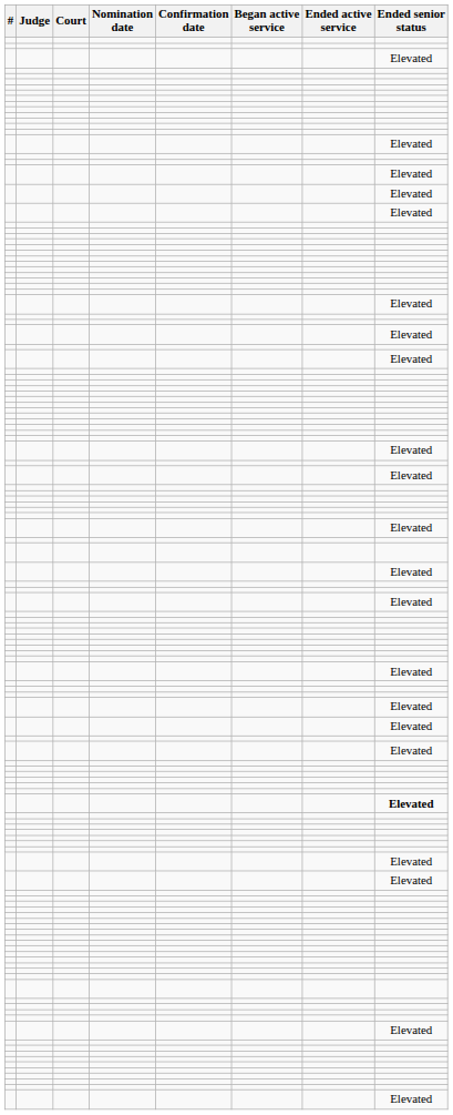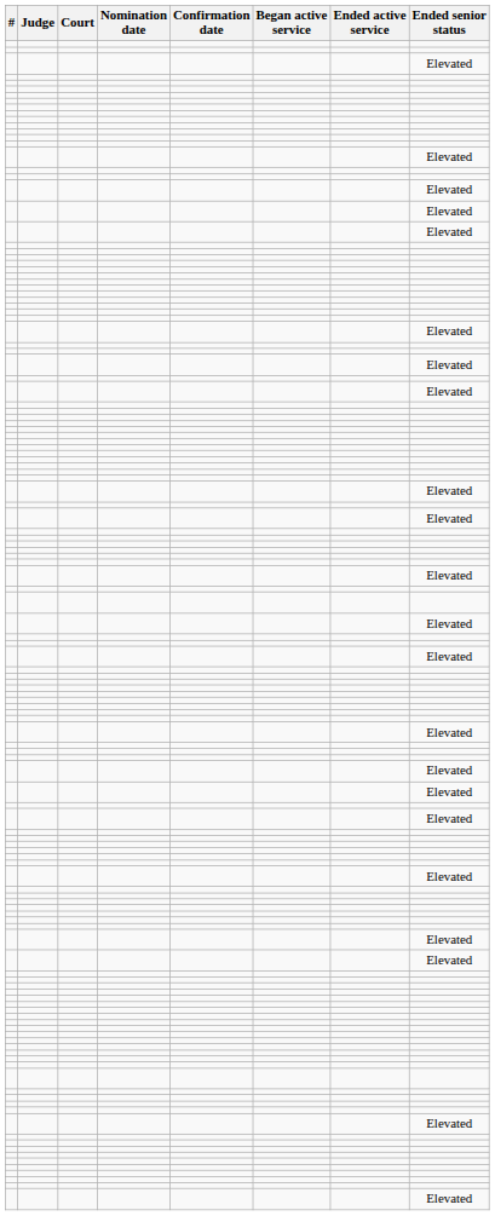 <table class="sortable wikitable">
 <tr bgcolor="#ececec">
 <th>#</th>
 <th>Judge</th>
 <th>Court<br></th>
 <th>Nomination<br>date</th>
 <th>Confirmation<br>date</th>
 <th>Began active<br>service</th>
 <th>Ended active<br>service</th>
 <th>Ended senior<br>status</th>
 </tr>
 <tr>
 <td></td>
 <td></td>
 <td></td>
 <td></td>
 <td></td>
 <td></td>
 <td></td>
 <td align="center"></td>
 </tr>
 <tr>
 <td></td>
 <td></td>
 <td></td>
 <td></td>
 <td></td>
 <td></td>
 <td></td>
 <td align="center"></td>
 </tr>
 <tr>
 <td></td>
 <td></td>
 <td></td>
 <td></td>
 <td></td>
 <td></td>
 <td></td>
 <td align="center">Elevated</td>
 </tr>
 <tr>
 <td></td>
 <td></td>
 <td></td>
 <td></td>
 <td></td>
 <td></td>
 <td></td>
 <td></td>
 </tr>
 <tr>
 <td></td>
 <td></td>
 <td></td>
 <td></td>
 <td></td>
 <td></td>
 <td></td>
 <td align="center"></td>
 </tr>
 <tr>
 <td></td>
 <td></td>
 <td></td>
 <td></td>
 <td></td>
 <td></td>
 <td></td>
 <td></td>
 </tr>
 <tr>
 <td></td>
 <td></td>
 <td></td>
 <td></td>
 <td></td>
 <td></td>
 <td></td>
 <td align="center"></td>
 </tr>
 <tr>
 <td></td>
 <td></td>
 <td></td>
 <td></td>
 <td></td>
 <td></td>
 <td></td>
 <td></td>
 </tr>
 <tr>
 <td></td>
 <td></td>
 <td></td>
 <td></td>
 <td></td>
 <td></td>
 <td></td>
 <td></td>
 </tr>
 <tr>
 <td></td>
 <td></td>
 <td></td>
 <td></td>
 <td></td>
 <td></td>
 <td></td>
 <td align="center"></td>
 </tr>
 <tr>
 <td></td>
 <td></td>
 <td></td>
 <td></td>
 <td></td>
 <td></td>
 <td></td>
 <td align="center"></td>
 </tr>
 <tr>
 <td></td>
 <td></td>
 <td></td>
 <td></td>
 <td></td>
 <td></td>
 <td></td>
 <td align="center"></td>
 </tr>
 <tr>
 <td></td>
 <td></td>
 <td></td>
 <td></td>
 <td></td>
 <td></td>
 <td></td>
 <td align="center"></td>
 </tr>
 <tr>
 <td></td>
 <td></td>
 <td></td>
 <td></td>
 <td></td>
 <td></td>
 <td></td>
 <td></td>
 </tr>
 <tr>
 <td></td>
 <td></td>
 <td></td>
 <td></td>
 <td></td>
 <td></td>
 <td></td>
 <td></td>
 </tr>
 <tr>
 <td></td>
 <td></td>
 <td></td>
 <td></td>
 <td></td>
 <td></td>
 <td></td>
 <td align="center">Elevated</td>
 </tr>
 <tr>
 <td></td>
 <td></td>
 <td></td>
 <td></td>
 <td></td>
 <td></td>
 <td></td>
 <td></td>
 </tr>
 <tr>
 <td></td>
 <td></td>
 <td></td>
 <td></td>
 <td></td>
 <td></td>
 <td></td>
 <td align="center"></td>
 </tr>
 <tr>
 <td></td>
 <td></td>
 <td></td>
 <td></td>
 <td></td>
 <td></td>
 <td></td>
 <td align="center">Elevated</td>
 </tr>
 <tr>
 <td></td>
 <td></td>
 <td></td>
 <td></td>
 <td></td>
 <td></td>
 <td></td>
 <td align="center">Elevated</td>
 </tr>
 <tr>
 <td></td>
 <td></td>
 <td></td>
 <td></td>
 <td></td>
 <td></td>
 <td></td>
 <td align="center">Elevated</td>
 </tr>
 <tr>
 <td></td>
 <td></td>
 <td></td>
 <td></td>
 <td></td>
 <td></td>
 <td></td>
 <td></td>
 </tr>
 <tr>
 <td></td>
 <td></td>
 <td></td>
 <td></td>
 <td></td>
 <td></td>
 <td></td>
 <td></td>
 </tr>
 <tr>
 <td></td>
 <td></td>
 <td></td>
 <td></td>
 <td></td>
 <td></td>
 <td></td>
 <td align="center"></td>
 </tr>
 <tr>
 <td></td>
 <td></td>
 <td></td>
 <td></td>
 <td></td>
 <td></td>
 <td></td>
 <td></td>
 </tr>
 <tr>
 <td></td>
 <td></td>
 <td></td>
 <td></td>
 <td></td>
 <td></td>
 <td></td>
 <td></td>
 </tr>
 <tr>
 <td></td>
 <td></td>
 <td></td>
 <td></td>
 <td></td>
 <td></td>
 <td></td>
 <td></td>
 </tr>
 <tr>
 <td></td>
 <td></td>
 <td></td>
 <td></td>
 <td></td>
 <td></td>
 <td></td>
 <td></td>
 </tr>
 <tr>
 <td></td>
 <td></td>
 <td></td>
 <td></td>
 <td></td>
 <td></td>
 <td></td>
 <td></td>
 </tr>
 <tr>
 <td></td>
 <td></td>
 <td></td>
 <td></td>
 <td></td>
 <td></td>
 <td></td>
 <td></td>
 </tr>
 <tr>
 <td></td>
 <td></td>
 <td></td>
 <td></td>
 <td></td>
 <td></td>
 <td></td>
 <td></td>
 </tr>
 <tr>
 <td></td>
 <td></td>
 <td></td>
 <td></td>
 <td></td>
 <td></td>
 <td></td>
 <td></td>
 </tr>
 <tr>
 <td></td>
 <td></td>
 <td></td>
 <td></td>
 <td></td>
 <td></td>
 <td></td>
 <td></td>
 </tr>
 <tr>
 <td></td>
 <td></td>
 <td></td>
 <td></td>
 <td></td>
 <td></td>
 <td></td>
 <td align="center"></td>
 </tr>
 <tr>
 <td></td>
 <td></td>
 <td></td>
 <td></td>
 <td></td>
 <td></td>
 <td></td>
 <td align="center">Elevated</td>
 </tr>
 <tr>
 <td></td>
 <td></td>
 <td></td>
 <td></td>
 <td></td>
 <td></td>
 <td></td>
 <td align="center"></td>
 </tr>
 <tr>
 <td></td>
 <td></td>
 <td></td>
 <td></td>
 <td></td>
 <td></td>
 <td></td>
 <td align="center"></td>
 </tr>
 <tr>
 <td></td>
 <td></td>
 <td></td>
 <td></td>
 <td></td>
 <td></td>
 <td></td>
 <td align="center">Elevated</td>
 </tr>
 <tr>
 <td></td>
 <td></td>
 <td></td>
 <td></td>
 <td></td>
 <td></td>
 <td></td>
 <td align="center"></td>
 </tr>
 <tr>
 <td></td>
 <td></td>
 <td></td>
 <td></td>
 <td></td>
 <td></td>
 <td></td>
 <td align="center">Elevated</td>
 </tr>
 <tr>
 <td></td>
 <td></td>
 <td></td>
 <td></td>
 <td></td>
 <td></td>
 <td></td>
 <td align="center"></td>
 </tr>
 <tr>
 <td></td>
 <td></td>
 <td></td>
 <td></td>
 <td></td>
 <td></td>
 <td></td>
 <td></td>
 </tr>
 <tr>
 <td></td>
 <td></td>
 <td></td>
 <td></td>
 <td></td>
 <td></td>
 <td></td>
 <td></td>
 </tr>
 <tr>
 <td></td>
 <td></td>
 <td></td>
 <td></td>
 <td></td>
 <td></td>
 <td></td>
 <td align="center"></td>
 </tr>
 <tr>
 <td></td>
 <td></td>
 <td></td>
 <td></td>
 <td></td>
 <td></td>
 <td></td>
 <td></td>
 </tr>
 <tr>
 <td></td>
 <td></td>
 <td></td>
 <td></td>
 <td></td>
 <td></td>
 <td></td>
 <td></td>
 </tr>
 <tr>
 <td></td>
 <td></td>
 <td></td>
 <td></td>
 <td></td>
 <td></td>
 <td></td>
 <td></td>
 </tr>
 <tr>
 <td></td>
 <td></td>
 <td></td>
 <td></td>
 <td></td>
 <td></td>
 <td></td>
 <td align="center"></td>
 </tr>
 <tr>
 <td></td>
 <td></td>
 <td></td>
 <td></td>
 <td></td>
 <td></td>
 <td></td>
 <td align="center"></td>
 </tr>
 <tr>
 <td></td>
 <td></td>
 <td></td>
 <td></td>
 <td></td>
 <td></td>
 <td></td>
 <td></td>
 </tr>
 <tr>
 <td></td>
 <td></td>
 <td></td>
 <td></td>
 <td></td>
 <td></td>
 <td></td>
 <td align="center"></td>
 </tr>
 <tr>
 <td></td>
 <td></td>
 <td></td>
 <td></td>
 <td></td>
 <td></td>
 <td></td>
 <td></td>
 </tr>
 <tr>
 <td></td>
 <td></td>
 <td></td>
 <td></td>
 <td></td>
 <td></td>
 <td></td>
 <td></td>
 </tr>
 <tr>
 <td></td>
 <td></td>
 <td></td>
 <td></td>
 <td></td>
 <td></td>
 <td></td>
 <td align="center">Elevated</td>
 </tr>
 <tr>
 <td></td>
 <td></td>
 <td></td>
 <td></td>
 <td></td>
 <td></td>
 <td></td>
 <td align="center"></td>
 </tr>
 <tr>
 <td></td>
 <td></td>
 <td></td>
 <td></td>
 <td></td>
 <td></td>
 <td></td>
 <td align="center">Elevated</td>
 </tr>
 <tr>
 <td></td>
 <td></td>
 <td></td>
 <td></td>
 <td align="center"></td>
 <td></td>
 <td></td>
 <td align="center"></td>
 </tr>
 <tr>
 <td></td>
 <td></td>
 <td></td>
 <td></td>
 <td></td>
 <td></td>
 <td></td>
 <td></td>
 </tr>
 <tr>
 <td></td>
 <td></td>
 <td></td>
 <td></td>
 <td></td>
 <td></td>
 <td></td>
 <td align="center"></td>
 </tr>
 <tr>
 <td></td>
 <td></td>
 <td></td>
 <td></td>
 <td></td>
 <td></td>
 <td></td>
 <td align="center"></td>
 </tr>
 <tr>
 <td></td>
 <td></td>
 <td></td>
 <td></td>
 <td></td>
 <td></td>
 <td></td>
 <td align="center"></td>
 </tr>
 <tr>
 <td></td>
 <td></td>
 <td></td>
 <td></td>
 <td></td>
 <td></td>
 <td></td>
 <td></td>
 </tr>
 <tr>
 <td></td>
 <td></td>
 <td></td>
 <td></td>
 <td></td>
 <td></td>
 <td></td>
 <td align="center">Elevated</td>
 </tr>
 <tr>
 <td></td>
 <td></td>
 <td></td>
 <td></td>
 <td></td>
 <td></td>
 <td></td>
 <td></td>
 </tr>
 <tr>
 <td></td>
 <td></td>
 <td></td>
 <td></td>
 <td></td>
 <td></td>
 <td><br></td>
 <td align= "center"><br></td>
 </tr>
 <tr>
 <td></td>
 <td></td>
 <td></td>
 <td></td>
 <td></td>
 <td></td>
 <td></td>
 <td align="center">Elevated</td>
 </tr>
 <tr>
 <td></td>
 <td></td>
 <td></td>
 <td></td>
 <td></td>
 <td></td>
 <td></td>
 <td></td>
 </tr>
 <tr>
 <td></td>
 <td></td>
 <td></td>
 <td></td>
 <td></td>
 <td></td>
 <td></td>
 <td align="center"></td>
 </tr>
 <tr>
 <td></td>
 <td></td>
 <td></td>
 <td></td>
 <td></td>
 <td></td>
 <td></td>
 <td align="center">Elevated</td>
 </tr>
 <tr>
 <td></td>
 <td></td>
 <td></td>
 <td></td>
 <td></td>
 <td></td>
 <td></td>
 <td align="center"></td>
 </tr>
 <tr>
 <td></td>
 <td></td>
 <td></td>
 <td></td>
 <td></td>
 <td></td>
 <td></td>
 <td></td>
 </tr>
 <tr>
 <td></td>
 <td></td>
 <td></td>
 <td></td>
 <td></td>
 <td></td>
 <td></td>
 <td align="center"></td>
 </tr>
 <tr>
 <td></td>
 <td></td>
 <td></td>
 <td></td>
 <td></td>
 <td></td>
 <td></td>
 <td align="center"></td>
 </tr>
 <tr>
 <td></td>
 <td></td>
 <td></td>
 <td></td>
 <td></td>
 <td></td>
 <td></td>
 <td align="center"></td>
 </tr>
 <tr>
 <td></td>
 <td></td>
 <td></td>
 <td></td>
 <td></td>
 <td></td>
 <td></td>
 <td></td>
 </tr>
 <tr>
 <td></td>
 <td></td>
 <td></td>
 <td></td>
 <td></td>
 <td></td>
 <td></td>
 <td align="center"></td>
 </tr>
 <tr>
 <td></td>
 <td></td>
 <td></td>
 <td></td>
 <td></td>
 <td></td>
 <td></td>
 <td align="center"></td>
 </tr>
 <tr>
 <td></td>
 <td></td>
 <td></td>
 <td></td>
 <td></td>
 <td></td>
 <td></td>
 <td></td>
 </tr>
 <tr>
 <td></td>
 <td></td>
 <td></td>
 <td></td>
 <td></td>
 <td></td>
 <td></td>
 <td align="center">Elevated</td>
 </tr>
 <tr>
 <td></td>
 <td></td>
 <td></td>
 <td></td>
 <td></td>
 <td></td>
 <td></td>
 <td></td>
 </tr>
 <tr>
 <td></td>
 <td></td>
 <td></td>
 <td></td>
 <td></td>
 <td></td>
 <td></td>
 <td align="center"></td>
 </tr>
 <tr>
 <td></td>
 <td></td>
 <td></td>
 <td></td>
 <td></td>
 <td></td>
 <td></td>
 <td align="center"></td>
 </tr>
 <tr>
 <td></td>
 <td></td>
 <td></td>
 <td></td>
 <td></td>
 <td></td>
 <td></td>
 <td align="center">Elevated</td>
 </tr>
 <tr>
 <td></td>
 <td></td>
 <td></td>
 <td></td>
 <td></td>
 <td></td>
 <td></td>
 <td align="center">Elevated</td>
 </tr>
 <tr>
 <td></td>
 <td></td>
 <td></td>
 <td></td>
 <td></td>
 <td></td>
 <td></td>
 <td align="center"></td>
 </tr>
 <tr>
 <td></td>
 <td></td>
 <td></td>
 <td></td>
 <td></td>
 <td></td>
 <td></td>
 <td align="center">Elevated</td>
 </tr>
 <tr>
 <td></td>
 <td></td>
 <td></td>
 <td></td>
 <td></td>
 <td></td>
 <td></td>
 <td></td>
 </tr>
 <tr>
 <td></td>
 <td></td>
 <td></td>
 <td></td>
 <td></td>
 <td></td>
 <td></td>
 <td align="center"></td>
 </tr>
 <tr>
 <td></td>
 <td></td>
 <td></td>
 <td></td>
 <td></td>
 <td></td>
 <td></td>
 <td align="center"></td>
 </tr>
 <tr>
 <td></td>
 <td></td>
 <td></td>
 <td></td>
 <td></td>
 <td></td>
 <td></td>
 <td align="center"></td>
 </tr>
 <tr>
 <td></td>
 <td></td>
 <td></td>
 <td></td>
 <td></td>
 <td></td>
 <td></td>
 <td></td>
 </tr>
 <tr>
 <td></td>
 <td></td>
 <td></td>
 <td></td>
 <td></td>
 <td></td>
 <td></td>
 <td align="center"></td>
 </tr>
 <tr>
 <td></td>
 <td></td>
 <td></td>
 <td></td>
 <td></td>
 <td></td>
 <td></td>
-<td align="center"><strong>Elevated</strong></td>
+<td align="center">Elevated</td>
 </tr>
 <tr>
 <td></td>
 <td></td>
 <td></td>
 <td></td>
 <td></td>
 <td></td>
 <td></td>
 <td></td>
 </tr>
 <tr>
 <td></td>
 <td></td>
 <td></td>
 <td></td>
 <td></td>
 <td></td>
 <td></td>
 <td align="center"></td>
 </tr>
 <tr>
 <td></td>
 <td></td>
 <td></td>
 <td></td>
 <td></td>
 <td></td>
 <td></td>
 <td align="center"></td>
 </tr>
 <tr>
 <td></td>
 <td></td>
 <td></td>
 <td></td>
 <td></td>
 <td></td>
 <td></td>
 <td align="center"></td>
 </tr>
 <tr>
 <td></td>
 <td></td>
 <td></td>
 <td></td>
 <td></td>
 <td></td>
 <td></td>
 <td></td>
 </tr>
 <tr>
 <td></td>
 <td></td>
 <td></td>
 <td></td>
 <td></td>
 <td></td>
 <td></td>
 <td align="center"></td>
 </tr>
 <tr>
 <td></td>
 <td></td>
 <td></td>
 <td></td>
 <td></td>
 <td></td>
 <td></td>
 <td align="center"></td>
 </tr>
 <tr>
 <td></td>
 <td></td>
 <td></td>
 <td></td>
 <td></td>
 <td></td>
 <td></td>
 <td align="center">Elevated</td>
 </tr>
 <tr>
 <td></td>
 <td></td>
 <td></td>
 <td></td>
 <td></td>
 <td></td>
 <td></td>
 <td align="center">Elevated</td>
 </tr>
 <tr>
 <td></td>
 <td></td>
 <td></td>
 <td></td>
 <td></td>
 <td></td>
 <td></td>
 <td align="center"></td>
 </tr>
 <tr>
 <td></td>
 <td></td>
 <td></td>
 <td></td>
 <td></td>
 <td></td>
 <td></td>
 <td></td>
 </tr>
 <tr>
 <td></td>
 <td></td>
 <td></td>
 <td></td>
 <td></td>
 <td></td>
 <td></td>
 <td></td>
 </tr>
 <tr>
 <td></td>
 <td></td>
 <td></td>
 <td></td>
 <td></td>
 <td></td>
 <td></td>
 <td align="center"></td>
 </tr>
 <tr>
 <td></td>
 <td></td>
 <td></td>
 <td></td>
 <td></td>
 <td></td>
 <td></td>
 <td></td>
 </tr>
 <tr>
 <td></td>
 <td></td>
 <td></td>
 <td></td>
 <td></td>
 <td></td>
 <td></td>
 <td></td>
 </tr>
 <tr>
 <td></td>
 <td></td>
 <td></td>
 <td></td>
 <td></td>
 <td></td>
 <td></td>
 <td align="center"></td>
 </tr>
 <tr>
 <td></td>
 <td></td>
 <td></td>
 <td></td>
 <td></td>
 <td></td>
 <td></td>
 <td></td>
 </tr>
 <tr>
 <td></td>
 <td></td>
 <td></td>
 <td></td>
 <td></td>
 <td></td>
 <td></td>
 <td></td>
 </tr>
 <tr>
 <td></td>
 <td></td>
 <td></td>
 <td></td>
 <td></td>
 <td></td>
 <td></td>
 <td></td>
 </tr>
 <tr>
 <td></td>
 <td></td>
 <td></td>
 <td></td>
 <td></td>
 <td></td>
 <td></td>
 <td></td>
 </tr>
 <tr>
 <td></td>
 <td></td>
 <td></td>
 <td></td>
 <td></td>
 <td></td>
 <td></td>
 <td></td>
 </tr>
 <tr>
 <td></td>
 <td></td>
 <td></td>
 <td></td>
 <td></td>
 <td></td>
 <td></td>
 <td></td>
 </tr>
 <tr>
 <td></td>
 <td></td>
 <td></td>
 <td></td>
 <td></td>
 <td></td>
 <td></td>
 <td align="center"></td>
 </tr>
 <tr>
 <td></td>
 <td></td>
 <td></td>
 <td></td>
 <td></td>
 <td></td>
 <td></td>
 <td></td>
 </tr>
 <tr>
 <td></td>
 <td></td>
 <td></td>
 <td></td>
 <td></td>
 <td></td>
 <td></td>
 <td></td>
 </tr>
 <tr>
 <td></td>
 <td></td>
 <td></td>
 <td></td>
 <td></td>
 <td></td>
 <td><br></td>
 <td align="center"><br></td>
 </tr>
 <tr>
 <td></td>
 <td></td>
 <td></td>
 <td></td>
 <td></td>
 <td></td>
 <td></td>
 <td></td>
 </tr>
 <tr>
 <td></td>
 <td></td>
 <td></td>
 <td></td>
 <td></td>
 <td></td>
 <td></td>
 <td></td>
 </tr>
 <tr>
 <td></td>
 <td></td>
 <td></td>
 <td></td>
 <td></td>
 <td></td>
 <td></td>
 <td align="center"></td>
 </tr>
 <tr>
 <td></td>
 <td></td>
 <td></td>
 <td></td>
 <td></td>
 <td></td>
 <td></td>
 <td align="center"></td>
 </tr>
 <tr>
 <td></td>
 <td></td>
 <td></td>
 <td></td>
 <td></td>
 <td></td>
 <td></td>
 <td align="center">Elevated</td>
 </tr>
 <tr>
 <td></td>
 <td></td>
 <td></td>
 <td></td>
 <td></td>
 <td></td>
 <td></td>
 <td></td>
 </tr>
 <tr>
 <td></td>
 <td></td>
 <td></td>
 <td></td>
 <td></td>
 <td></td>
 <td></td>
 <td></td>
 </tr>
 <tr>
 <td></td>
 <td></td>
 <td></td>
 <td></td>
 <td></td>
 <td></td>
 <td></td>
 <td></td>
 </tr>
 <tr>
 <td></td>
 <td></td>
 <td></td>
 <td></td>
 <td></td>
 <td></td>
 <td></td>
 <td align="center"></td>
 </tr>
 <tr>
 <td></td>
 <td></td>
 <td></td>
 <td></td>
 <td></td>
 <td></td>
 <td></td>
 <td align="center"></td>
 </tr>
 <tr>
 <td></td>
 <td></td>
 <td></td>
 <td></td>
 <td></td>
 <td></td>
 <td></td>
 <td align="center"></td>
 </tr>
 <tr>
 <td></td>
 <td></td>
 <td></td>
 <td></td>
 <td></td>
 <td></td>
 <td></td>
 <td></td>
 </tr>
 <tr>
 <td></td>
 <td></td>
 <td></td>
 <td></td>
 <td></td>
 <td></td>
 <td></td>
 <td></td>
 </tr>
 <tr>
 <td></td>
 <td></td>
 <td></td>
 <td></td>
 <td></td>
 <td></td>
 <td></td>
 <td align="center"></td>
 </tr>
 <tr>
 <td></td>
 <td></td>
 <td></td>
 <td></td>
 <td></td>
 <td></td>
 <td></td>
 <td align="center">Elevated</td>
 </tr>
 </table>
